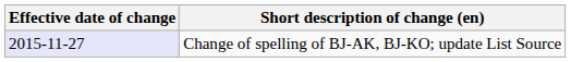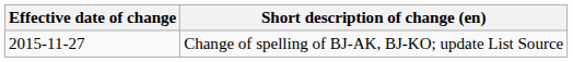 <table class="wikitable">
 <tr>
 <th>Effective date of change</th>
 <th>Short description of change (en)</th>
 </tr>
 <tr>
-<td style="background: lavender;">2015-11-27</td>
+<td>2015-11-27</td>
 <td>Change of spelling of BJ-AK, BJ-KO; update List Source</td>
 </tr>
 </table>
